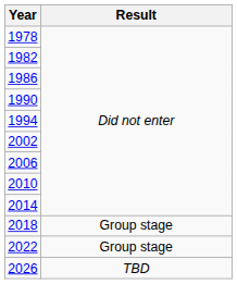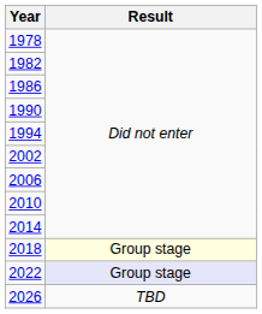 <table class="wikitable" style="text-align: center; font-size:90%">
 <tr>
 <th>Year</th>
 <th style="width:200px">Result</th>
 </tr>
 <tr>
 <td> <a href='#'>1978</a></td>
 <td rowspan="9"><em>Did not enter</em></td>
 </tr>
 <tr>
 <td> <a href='#'>1982</a></td>
 </tr>
 <tr>
 <td> <a href='#'>1986</a></td>
 </tr>
 <tr>
 <td> <a href='#'>1990</a></td>
 </tr>
 <tr>
 <td> <a href='#'>1994</a></td>
 </tr>
 <tr>
 <td> <a href='#'>2002</a></td>
 </tr>
 <tr>
 <td> <a href='#'>2006</a></td>
 </tr>
 <tr>
 <td> <a href='#'>2010</a></td>
 </tr>
 <tr>
 <td> <a href='#'>2014</a></td>
 </tr>
 <tr>
 <td> <a href='#'>2018</a></td>
-<td>Group stage</td>
+<td style="background: lightyellow;">Group stage</td>
 </tr>
 <tr>
 <td> <a href='#'>2022</a></td>
-<td>Group stage</td>
+<td style="background: lavender;">Group stage</td>
 </tr>
 <tr>
 <td> <a href='#'>2026</a></td>
 <td><em>TBD</em></td>
 </tr>
 </table>
